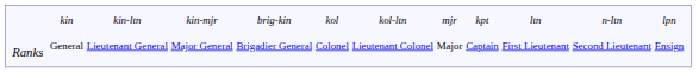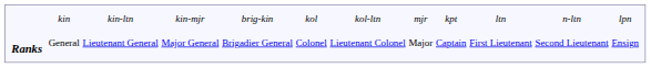 <table style="border:1px solid #8888aa; background-color:#f7f8ff; padding:5px; font-size:95%; margin: 0px 12px 12px 0px;">
 <tr style="text-align:center;">
 <td></td>
 <td colspan=2></td>
 <td colspan=2><em><small>kin</small></em></td>
 <td colspan=2><em><small>kin-ltn</small></em></td>
 <td colspan=2><em><small>kin-mjr</small></em></td>
 <td colspan=2><em><small>brig-kin</small></em></td>
 <td colspan=2><em><small>kol</small></em></td>
 <td colspan=2><em><small>kol-ltn</small></em></td>
 <td colspan=2><em><small>mjr</small></em></td>
 <td colspan=2><em><small>kpt</small></em></td>
 <td colspan=2><em><small>ltn</small></em></td>
 <td colspan=2><em><small>n-ltn</small></em></td>
 <td colspan=2><em><small>lpn</small></em></td>
 </tr>
 <tr style="text-align:center;">
-<td><em><br>Ranks</em></td>
+<td><strong><em><br>Ranks</em></strong></td>
 <td colspan=2></td>
 <td colspan=2><small>General</small></td>
 <td colspan=2><small><a href='#'>Lieutenant General</a></small></td>
 <td colspan=2><small><a href='#'>Major General</a></small></td>
 <td colspan=2><small><a href='#'>Brigadier General</a></small></td>
 <td colspan=2><small><a href='#'>Colonel</a></small></td>
 <td colspan=2><small><a href='#'>Lieutenant Colonel</a></small></td>
 <td colspan=2><small>Major</small></td>
 <td colspan=2><small><a href='#'>Captain</a></small></td>
 <td colspan=2><small><a href='#'>First Lieutenant</a></small></td>
 <td colspan=2><small><a href='#'>Second Lieutenant</a></small></td>
 <td colspan=2><small><a href='#'>Ensign</a></small></td>
 </tr>
 </table>
